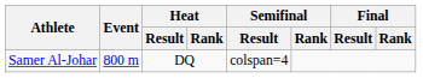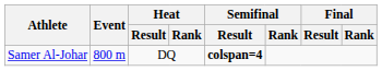 <table class="wikitable">
 <tr>
 <th rowspan="2">Athlete</th>
 <th rowspan="2">Event</th>
 <th colspan="2">Heat</th>
 <th colspan="2">Semifinal</th>
 <th colspan="2">Final</th>
 </tr>
 <tr>
 <th>Result</th>
 <th>Rank</th>
 <th>Result</th>
 <th>Rank</th>
 <th>Result</th>
 <th>Rank</th>
 </tr>
 <tr style=text-align:center>
 <td style=text-align:left><a href='#'>Samer Al-Johar</a></td>
 <td style=text-align:left><a href='#'>800 m</a></td>
 <td colspan=2>DQ</td>
-<td>colspan=4 </td>
+<td><strong>colspan=4 </strong></td>
 </tr>
 </table>
